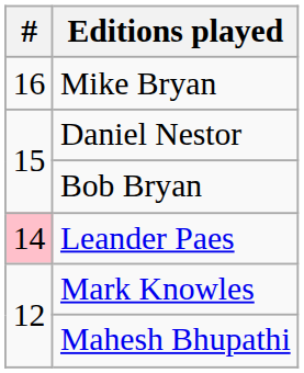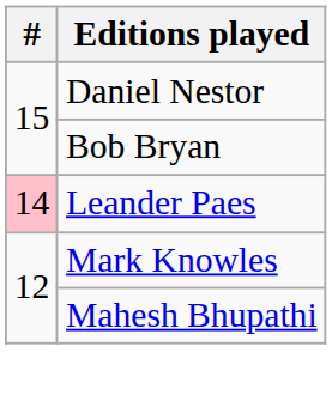 <table class="wikitable" style="display:inline-table;">
 <tr>
 <th>#</th>
 <th>Editions played</th>
-</tr>
-<tr>
-<td style="text-align: center;">16</td>
-<td> Mike Bryan</td>
 </tr>
 <tr>
 <td rowspan="2" style="text-align: center;">15</td>
 <td> Daniel Nestor</td>
 </tr>
 <tr>
 <td> Bob Bryan</td>
 </tr>
 <tr>
 <td style="background: pink; text-align: center;">14</td>
 <td> <a href='#'>Leander Paes</a></td>
 </tr>
 <tr>
 <td rowspan="2" style="text-align: center;">12</td>
 <td> <a href='#'>Mark Knowles</a></td>
 </tr>
 <tr>
 <td> <a href='#'>Mahesh Bhupathi</a></td>
 </tr>
 </table>
